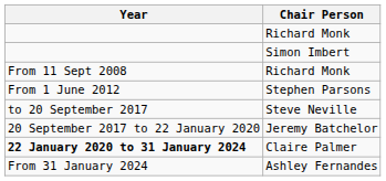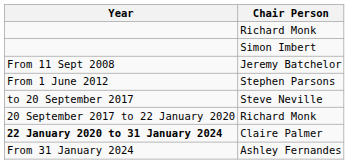 <table class="wikitable" border="1">
 <tr>
 <th>Year</th>
 <th>Chair Person</th>
 </tr>
 <tr>
 <td></td>
 <td>Richard Monk</td>
 </tr>
 <tr>
 <td></td>
 <td>Simon Imbert</td>
 </tr>
 <tr>
 <td>From 11 Sept 2008</td>
-<td>Richard Monk</td>
+<td>Jeremy Batchelor</td>
 </tr>
 <tr>
 <td>From 1 June 2012</td>
 <td>Stephen Parsons</td>
 </tr>
 <tr>
 <td>to 20 September 2017</td>
 <td>Steve Neville</td>
 </tr>
 <tr>
 <td>20 September 2017 to 22 January 2020</td>
-<td>Jeremy Batchelor</td>
+<td>Richard Monk</td>
 </tr>
 <tr>
 <td><strong>22 January 2020 to 31 January 2024</strong></td>
 <td>Claire Palmer</td>
 </tr>
 <tr>
 <td>From 31 January 2024</td>
 <td>Ashley Fernandes</td>
 </tr>
 </table>
